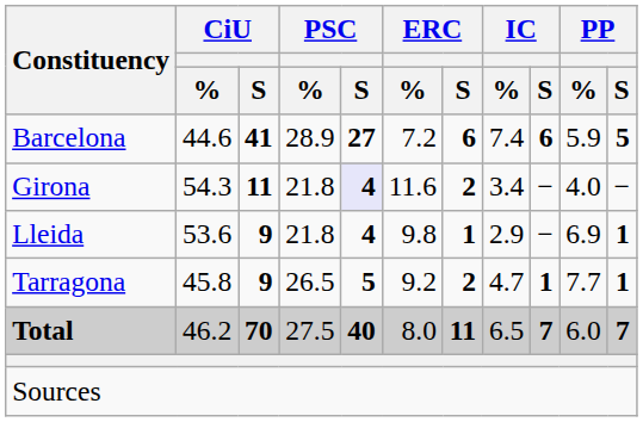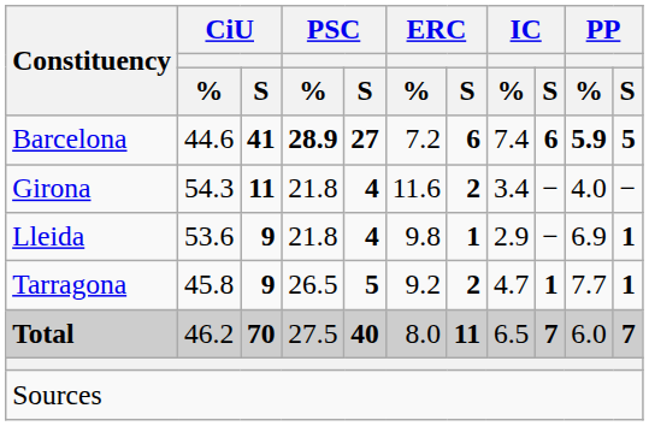 <table class="wikitable sortable" style="text-align:right; line-height:20px;">
 <tr>
 <th rowspan="3">Constituency</th>
 <th colspan="2" width="30px" class="unsortable"><a href='#'>CiU</a></th>
 <th colspan="2" width="30px" class="unsortable"><a href='#'>PSC</a></th>
 <th colspan="2" width="30px" class="unsortable"><a href='#'>ERC</a></th>
 <th colspan="2" width="30px" class="unsortable"><a href='#'>IC</a></th>
 <th colspan="2" width="30px" class="unsortable"><a href='#'>PP</a></th>
 </tr>
 <tr>
 <th colspan="2" style="background:"></th>
 <th colspan="2" style="background:"></th>
 <th colspan="2" style="background:"></th>
 <th colspan="2" style="background:"></th>
 <th colspan="2" style="background:"></th>
 </tr>
 <tr>
 <th data-sort-type="number">%</th>
 <th data-sort-type="number">S</th>
 <th data-sort-type="number">%</th>
 <th data-sort-type="number">S</th>
 <th data-sort-type="number">%</th>
 <th data-sort-type="number">S</th>
 <th data-sort-type="number">%</th>
 <th data-sort-type="number">S</th>
 <th data-sort-type="number">%</th>
 <th data-sort-type="number">S</th>
 </tr>
 <tr>
 <td align="left"><a href='#'>Barcelona</a></td>
 <td style="background:">44.6</td>
 <td><strong>41</strong></td>
-<td>28.9</td>
+<td><strong>28.9</strong></td>
 <td><strong>27</strong></td>
 <td>7.2</td>
 <td><strong>6</strong></td>
 <td>7.4</td>
 <td><strong>6</strong></td>
-<td>5.9</td>
+<td><strong>5.9</strong></td>
 <td><strong>5</strong></td>
 </tr>
 <tr>
 <td align="left"><a href='#'>Girona</a></td>
 <td style="background:">54.3</td>
 <td><strong>11</strong></td>
 <td>21.8</td>
-<td style="background: lavender;"><strong>4</strong></td>
+<td><strong>4</strong></td>
 <td>11.6</td>
 <td><strong>2</strong></td>
 <td>3.4</td>
 <td>−</td>
 <td>4.0</td>
 <td>−</td>
 </tr>
 <tr>
 <td align="left"><a href='#'>Lleida</a></td>
 <td style="background:">53.6</td>
 <td><strong>9</strong></td>
 <td>21.8</td>
 <td><strong>4</strong></td>
 <td>9.8</td>
 <td><strong>1</strong></td>
 <td>2.9</td>
 <td>−</td>
 <td>6.9</td>
 <td><strong>1</strong></td>
 </tr>
 <tr>
 <td align="left"><a href='#'>Tarragona</a></td>
 <td style="background:">45.8</td>
 <td><strong>9</strong></td>
 <td>26.5</td>
 <td><strong>5</strong></td>
 <td>9.2</td>
 <td><strong>2</strong></td>
 <td>4.7</td>
 <td><strong>1</strong></td>
 <td>7.7</td>
 <td><strong>1</strong></td>
 </tr>
 <tr style="background:#CDCDCD;">
 <td align="left"><strong>Total</strong></td>
 <td style="background:">46.2</td>
 <td><strong>70</strong></td>
 <td>27.5</td>
 <td><strong>40</strong></td>
 <td>8.0</td>
 <td><strong>11</strong></td>
 <td>6.5</td>
 <td><strong>7</strong></td>
 <td>6.0</td>
 <td><strong>7</strong></td>
 </tr>
 <tr>
 <th colspan="11"></th>
 </tr>
 <tr>
 <th style="text-align:left; font-weight:normal; background:#F9F9F9" colspan="11">Sources</th>
 </tr>
 </table>
